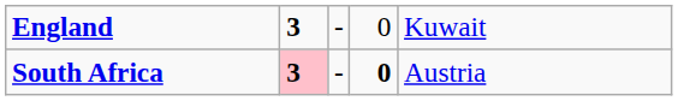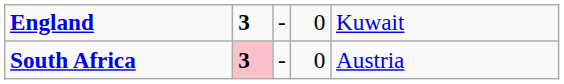 <table class="wikitable">
 <tr>
 <td width=150> <strong><a href='#'>England</a></strong></td>
 <td style="width:20px; text-align:left;"><strong>3</strong></td>
 <td>-</td>
 <td style="width:20px; text-align:right;">0</td>
 <td width=150> <a href='#'>Kuwait</a></td>
 </tr>
 <tr>
 <td> <strong><a href='#'>South Africa</a></strong></td>
 <td style="background: pink; text-align:left;"><strong>3</strong></td>
 <td>-</td>
-<td style="text-align:right;"><strong>0</strong></td>
+<td style="text-align:right;">0</td>
 <td> <a href='#'>Austria</a></td>
 </tr>
 </table>
